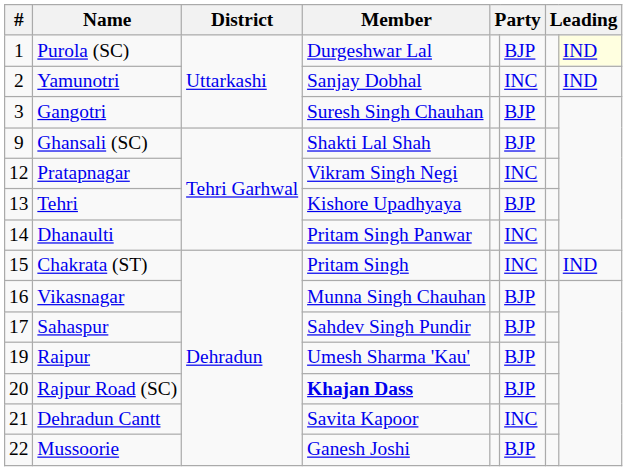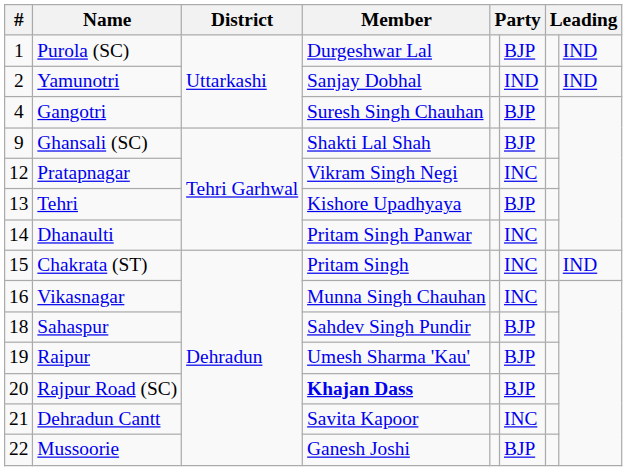 <table class="wikitable">
 <tr>
 <th>#</th>
 <th>Name</th>
 <th>District</th>
 <th>Member</th>
 <th colspan="2">Party</th>
 <th colspan="2">Leading<br></th>
 </tr>
 <tr>
 <td align="center">1</td>
 <td><a href='#'>Purola</a> (SC)</td>
 <td rowspan="3"><a href='#'>Uttarkashi</a></td>
 <td><a href='#'>Durgeshwar Lal</a></td>
 <td style="background-color: "></td>
 <td><a href='#'>BJP</a></td>
 <td style="background-color: "></td>
-<td style="background: lightyellow;"><a href='#'>IND</a></td>
+<td><a href='#'>IND</a></td>
 </tr>
 <tr>
 <td align="center">2</td>
 <td><a href='#'>Yamunotri</a></td>
 <td><a href='#'>Sanjay Dobhal</a></td>
 <td style="background-color: "></td>
-<td><a href='#'>INC</a></td>
+<td><a href='#'>IND</a></td>
 <td style="background-color: "></td>
 <td><a href='#'>IND</a></td>
 </tr>
 <tr>
-<td align="center">3</td>
+<td align="center">4</td>
 <td><a href='#'>Gangotri</a></td>
 <td><a href='#'>Suresh Singh Chauhan</a></td>
 <td style="background-color: "></td>
 <td><a href='#'>BJP</a></td>
 <td></td>
 </tr>
 <tr>
 <td align="center">9</td>
 <td><a href='#'>Ghansali</a> (SC)</td>
 <td rowspan="4"><a href='#'>Tehri Garhwal</a></td>
 <td><a href='#'>Shakti Lal Shah</a></td>
 <td style="background-color: "></td>
 <td><a href='#'>BJP</a></td>
 <td></td>
 </tr>
 <tr>
 <td align="center">12</td>
 <td><a href='#'>Pratapnagar</a></td>
 <td><a href='#'>Vikram Singh Negi</a></td>
 <td style="background-color: "></td>
 <td><a href='#'>INC</a></td>
 <td></td>
 </tr>
 <tr>
 <td align="center">13</td>
 <td><a href='#'>Tehri</a></td>
 <td><a href='#'>Kishore Upadhyaya</a></td>
 <td style="background-color: "></td>
 <td><a href='#'>BJP</a></td>
 <td></td>
 </tr>
 <tr>
 <td align="center">14</td>
 <td><a href='#'>Dhanaulti</a></td>
 <td><a href='#'>Pritam Singh Panwar</a></td>
 <td style="background-color: "></td>
 <td><a href='#'>INC</a></td>
 <td></td>
 </tr>
 <tr>
 <td align="center">15</td>
 <td><a href='#'>Chakrata</a> (ST)</td>
 <td rowspan="7"><a href='#'>Dehradun</a></td>
 <td><a href='#'>Pritam Singh</a></td>
 <td style="background-color: "></td>
 <td><a href='#'>INC</a></td>
 <td style="background-color: "></td>
 <td><a href='#'>IND</a></td>
 </tr>
 <tr>
 <td align="center">16</td>
 <td><a href='#'>Vikasnagar</a></td>
 <td><a href='#'>Munna Singh Chauhan</a></td>
 <td style="background-color: "></td>
-<td><a href='#'>BJP</a></td>
+<td><a href='#'>INC</a></td>
 <td></td>
 </tr>
 <tr>
-<td align="center">17</td>
+<td align="center">18</td>
 <td><a href='#'>Sahaspur</a></td>
 <td><a href='#'>Sahdev Singh Pundir</a></td>
 <td style="background-color: "></td>
 <td><a href='#'>BJP</a></td>
 <td></td>
 </tr>
 <tr>
 <td align="center">19</td>
 <td><a href='#'>Raipur</a></td>
 <td><a href='#'>Umesh Sharma 'Kau'</a></td>
 <td style="background-color: "></td>
 <td><a href='#'>BJP</a></td>
 <td></td>
 </tr>
 <tr>
 <td align="center">20</td>
 <td><a href='#'>Rajpur Road</a> (SC)</td>
 <td><strong><a href='#'>Khajan Dass</a></strong></td>
 <td style="background-color: "></td>
 <td><a href='#'>BJP</a></td>
 <td></td>
 </tr>
 <tr>
 <td align="center">21</td>
 <td><a href='#'>Dehradun Cantt</a></td>
 <td><a href='#'>Savita Kapoor</a></td>
 <td style="background-color: "></td>
 <td><a href='#'>INC</a></td>
 <td></td>
 </tr>
 <tr>
 <td align="center">22</td>
 <td><a href='#'>Mussoorie</a></td>
 <td><a href='#'>Ganesh Joshi</a></td>
 <td style="background-color: "></td>
 <td><a href='#'>BJP</a></td>
 <td></td>
 </tr>
 </table>
